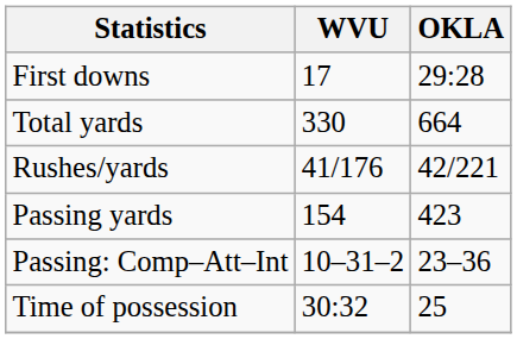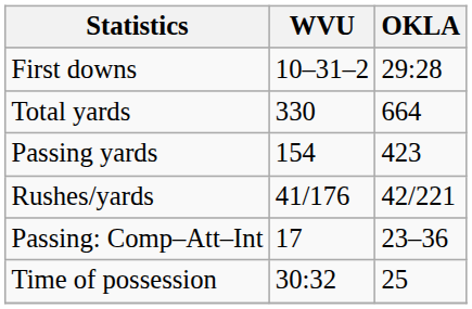 <table class="wikitable" style="float: left;">
 <tr>
 <th>Statistics</th>
 <th>WVU</th>
 <th>OKLA</th>
 </tr>
 <tr>
 <td>First downs</td>
-<td>17</td>
+<td>10–31–2</td>
 <td>29:28</td>
 </tr>
 <tr>
 <td>Total yards</td>
 <td>330</td>
 <td>664</td>
 </tr>
 <tr>
+<td>Passing yards</td>
+<td>154</td>
+<td>423</td>
+</tr>
+<tr>
 <td>Rushes/yards</td>
 <td>41/176</td>
 <td>42/221</td>
 </tr>
 <tr>
-<td>Passing yards</td>
-<td>154</td>
-<td>423</td>
-</tr>
-<tr>
 <td>Passing: Comp–Att–Int</td>
-<td>10–31–2</td>
+<td>17</td>
 <td>23–36</td>
 </tr>
 <tr>
 <td>Time of possession</td>
 <td>30:32</td>
 <td>25</td>
 </tr>
 <tr>
 </tr>
 </table>
